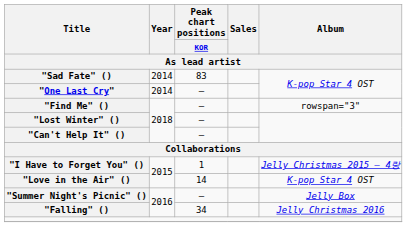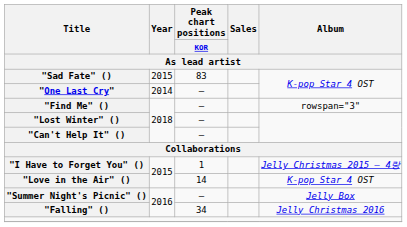 <table class="wikitable plainrowheaders" style="text-align:center;">
 <tr>
 <th scope="col" rowspan="2">Title</th>
 <th scope="col" rowspan="2">Year</th>
 <th scope="col" colspan="1" style="width:5em;">Peak chart positions</th>
 <th scope="col" rowspan="2">Sales</th>
 <th scope="col" rowspan="2">Album</th>
 </tr>
 <tr>
 <th><small><a href='#'>KOR</a></small><br></th>
 </tr>
 <tr>
 <th scope="col" colspan="5">As lead artist</th>
 </tr>
 <tr>
 <th scope="row">"Sad Fate" ()</th>
-<td>2014</td>
+<td>2015</td>
 <td>83</td>
 <td></td>
 <td rowspan="2"><em><a href='#'>K-pop Star 4</a> OST</em></td>
 </tr>
 <tr>
 <th scope="row">"<a href='#'>One Last Cry</a>"</th>
 <td>2014</td>
 <td>—</td>
 <td></td>
 </tr>
 <tr>
 <th scope="row">"Find Me" ()</th>
 <td rowspan="3">2018</td>
 <td>—</td>
 <td></td>
 <td>rowspan="3" </td>
 </tr>
 <tr>
 <th scope="row">"Lost Winter" ()</th>
 <td>—</td>
 <td></td>
 </tr>
 <tr>
 <th scope="row">"Can't Help It" ()</th>
 <td>—</td>
 <td></td>
 </tr>
 <tr>
 <th scope="col" colspan="5">Collaborations</th>
 </tr>
 <tr>
 <th scope="row">"I Have to Forget You" ()<br></th>
 <td rowspan="2">2015</td>
 <td>1</td>
 <td></td>
 <td><em><a href='#'>Jelly Christmas 2015 – 4랑</a></em></td>
 </tr>
 <tr>
 <th scope="row">"Love in the Air" ()<br></th>
 <td>14</td>
 <td></td>
 <td><em><a href='#'>K-pop Star 4</a> OST</em></td>
 </tr>
 <tr>
 <th scope="row">"Summer Night's Picnic" ()<br></th>
 <td rowspan="2">2016</td>
 <td>—</td>
 <td></td>
 <td><em><a href='#'>Jelly Box</a></em></td>
 </tr>
 <tr>
 <th scope="row">"Falling" ()<br></th>
 <td>34</td>
 <td></td>
 <td><em><a href='#'>Jelly Christmas 2016</a></em></td>
 </tr>
 <tr>
 <td colspan="5"></td>
 </tr>
 <tr>
 </tr>
 </table>
